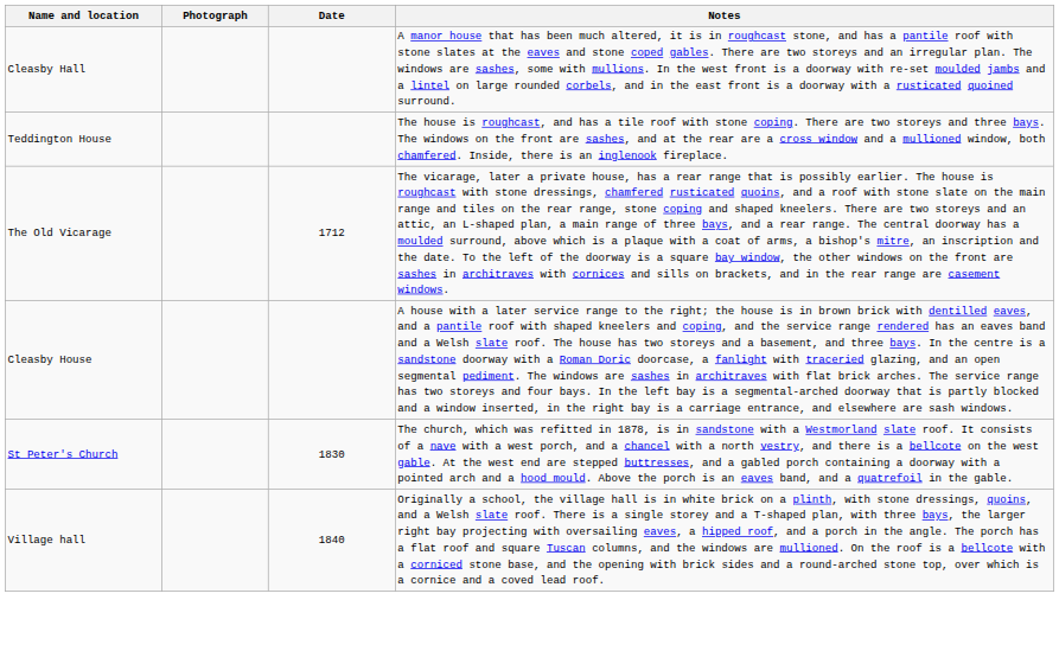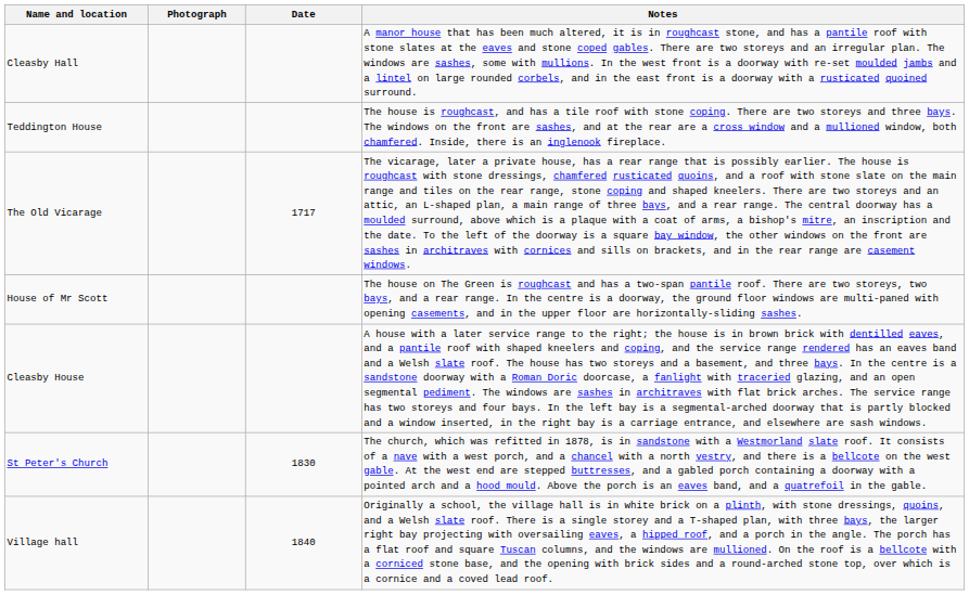 <table class="wikitable sortable plainrowheaders" style="width:100%;border:0px;text-align:left;line-height:150%;">
 <tr>
 <th scope="col"  style="width:150px">Name and location</th>
 <th scope="col"  style="width:100px" class="unsortable">Photograph</th>
 <th scope="col"  style="width:120px">Date</th>
 <th scope="col"  style="width:650px" class ="unsortable">Notes</th>
 </tr>
 <tr>
 <td>Cleasby Hall<br><small></small></td>
 <td></td>
 <td align="center"></td>
 <td>A <a href='#'>manor house</a> that has been much altered, it is in <a href='#'>roughcast</a> stone, and has a <a href='#'>pantile</a> roof with stone slates at the <a href='#'>eaves</a> and stone <a href='#'>coped</a> <a href='#'>gables</a>.  There are two storeys and an irregular plan.  The windows are <a href='#'>sashes</a>, some with <a href='#'>mullions</a>.  In the west front is a doorway with re-set <a href='#'>moulded</a> <a href='#'>jambs</a> and a <a href='#'>lintel</a> on large rounded <a href='#'>corbels</a>, and in the east front is a doorway with a <a href='#'>rusticated</a> <a href='#'>quoined</a> surround.</td>
 </tr>
 <tr>
 <td>Teddington House<br><small></small></td>
 <td></td>
 <td align="center"></td>
 <td>The house is <a href='#'>roughcast</a>, and has a tile roof with stone <a href='#'>coping</a>.  There are two storeys and three <a href='#'>bays</a>.  The windows on the front are <a href='#'>sashes</a>, and at the rear are a <a href='#'>cross window</a> and a <a href='#'>mullioned</a> window, both <a href='#'>chamfered</a>.  Inside, there is an <a href='#'>inglenook</a> fireplace.</td>
 </tr>
 <tr>
 <td>The Old Vicarage<br><small></small></td>
 <td></td>
-<td align="center">1712</td>
+<td align="center">1717</td>
 <td>The vicarage, later a private house, has a rear range that is possibly earlier.  The house is <a href='#'>roughcast</a> with stone dressings, <a href='#'>chamfered</a> <a href='#'>rusticated</a> <a href='#'>quoins</a>, and a roof with stone slate on the main range and tiles on the rear range, stone <a href='#'>coping</a> and shaped kneelers.  There are two storeys and an attic, an L-shaped plan, a main range of three <a href='#'>bays</a>, and a rear range.  The central doorway has a <a href='#'>moulded</a> surround, above which is a plaque with a coat of arms, a bishop's <a href='#'>mitre</a>, an inscription and the date.  To the left of the doorway is a square <a href='#'>bay window</a>, the other windows on the front are <a href='#'>sashes</a> in <a href='#'>architraves</a> with <a href='#'>cornices</a> and sills on brackets, and in the rear range are <a href='#'>casement windows</a>.</td>
+</tr>
+<tr>
+<td>House of Mr Scott<br><small></small></td>
+<td></td>
+<td align="center"></td>
+<td>The house on The Green is <a href='#'>roughcast</a> and has a two-span <a href='#'>pantile</a> roof.  There are two storeys, two <a href='#'>bays</a>, and a rear range.  In the centre is a doorway, the ground floor windows are multi-paned with opening <a href='#'>casements</a>, and in the upper floor are horizontally-sliding <a href='#'>sashes</a>.</td>
 </tr>
 <tr>
 <td>Cleasby House<br><small></small></td>
 <td></td>
 <td align="center"></td>
 <td>A house with a later service range to the right; the house is in brown brick with <a href='#'>dentilled</a> <a href='#'>eaves</a>, and a <a href='#'>pantile</a> roof with shaped kneelers and <a href='#'>coping</a>, and the service range <a href='#'>rendered</a> has an eaves band and a Welsh <a href='#'>slate</a> roof.  The house has two storeys and a basement, and three <a href='#'>bays</a>.  In the centre is a <a href='#'>sandstone</a> doorway with a <a href='#'>Roman Doric</a> doorcase, a <a href='#'>fanlight</a> with <a href='#'>traceried</a> glazing, and an open segmental <a href='#'>pediment</a>.  The windows are <a href='#'>sashes</a> in <a href='#'>architraves</a> with flat brick arches.  The service range has two storeys and four bays.  In the left bay is a segmental-arched doorway that is partly blocked and a window inserted, in the right bay is a carriage entrance, and elsewhere are sash windows.</td>
 </tr>
 <tr>
 <td><a href='#'>St Peter's Church</a><br><small></small></td>
 <td></td>
 <td align="center">1830</td>
 <td>The church, which was refitted in 1878, is in <a href='#'>sandstone</a> with a <a href='#'>Westmorland</a> <a href='#'>slate</a> roof.  It consists of a <a href='#'>nave</a> with a west porch, and a <a href='#'>chancel</a> with a north <a href='#'>vestry</a>, and there is a <a href='#'>bellcote</a> on the west <a href='#'>gable</a>.  At the west end are stepped <a href='#'>buttresses</a>, and a gabled porch containing a doorway with a pointed arch and a <a href='#'>hood mould</a>.  Above the porch is an <a href='#'>eaves</a> band, and a <a href='#'>quatrefoil</a> in the gable.</td>
 </tr>
 <tr>
 <td>Village hall<br><small></small></td>
 <td></td>
 <td align="center">1840</td>
 <td>Originally a school, the village hall is in white brick on a <a href='#'>plinth</a>, with stone dressings, <a href='#'>quoins</a>, and a Welsh <a href='#'>slate</a> roof.  There is a single storey and a T-shaped plan, with three <a href='#'>bays</a>, the larger right bay projecting with oversailing <a href='#'>eaves</a>, a <a href='#'>hipped roof</a>, and a porch in the angle.  The porch has a flat roof and square <a href='#'>Tuscan</a> columns, and the windows are <a href='#'>mullioned</a>.  On the roof is a <a href='#'>bellcote</a> with a <a href='#'>corniced</a> stone base, and the opening with brick sides and a round-arched stone top, over which is  a cornice and a coved lead roof.</td>
 </tr>
 <tr>
 </tr>
 </table>
